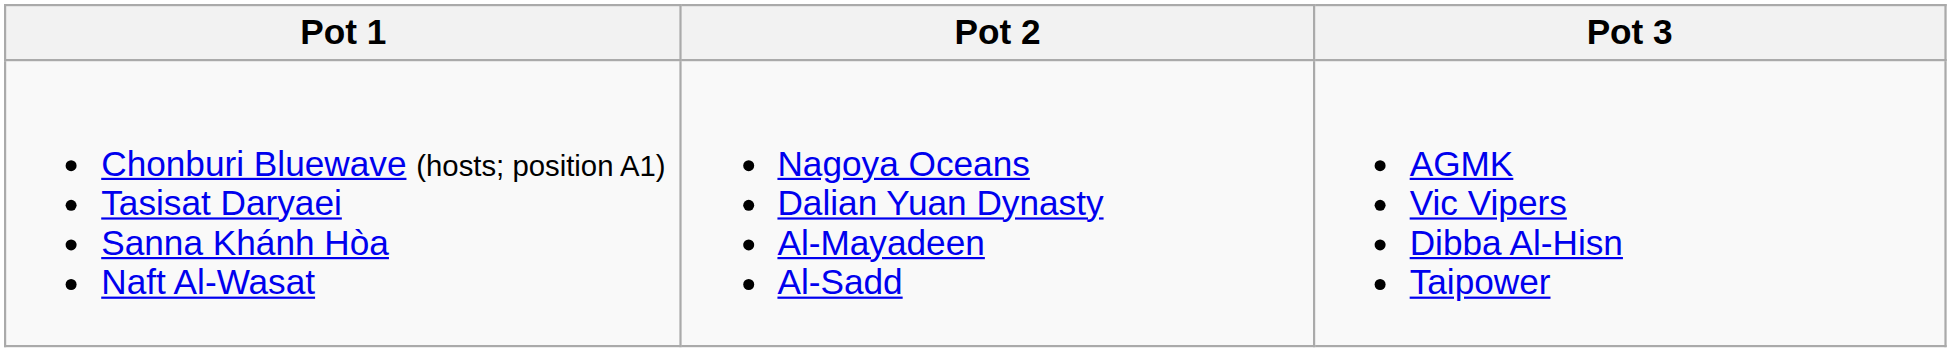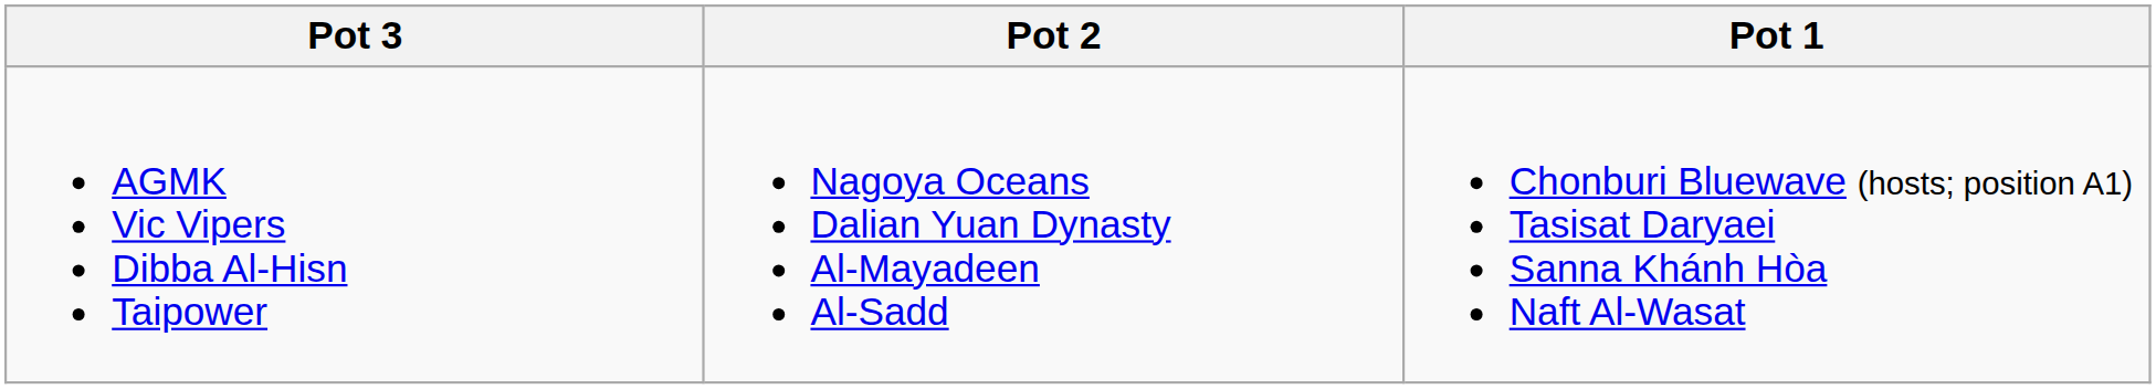 <table class="wikitable">
 <tr>
+<th width="280pt">Pot 3</th>
+<th width="280pt">Pot 2</th>
 <th width="300pt">Pot 1</th>
-<th width="280pt">Pot 2</th>
-<th width="280pt">Pot 3</th>
 </tr>
 <tr>
+<td><br><ul><li> <a href='#'>AGMK</a></li><li> <a href='#'>Vic Vipers</a></li><li> <a href='#'>Dibba Al-Hisn</a></li><li> <a href='#'>Taipower</a></li></ul></td>
+<td><br><ul><li> <a href='#'>Nagoya Oceans</a></li><li> <a href='#'>Dalian Yuan Dynasty</a></li><li> <a href='#'>Al-Mayadeen</a></li><li> <a href='#'>Al-Sadd</a></li></ul></td>
 <td valign=top><br><ul><li> <a href='#'>Chonburi Bluewave</a> <small>(hosts; position A1)</small></li><li> <a href='#'>Tasisat Daryaei</a></li><li> <a href='#'>Sanna Khánh Hòa</a></li><li> <a href='#'>Naft Al-Wasat</a></li></ul></td>
-<td><br><ul><li> <a href='#'>Nagoya Oceans</a></li><li> <a href='#'>Dalian Yuan Dynasty</a></li><li> <a href='#'>Al-Mayadeen</a></li><li> <a href='#'>Al-Sadd</a></li></ul></td>
-<td><br><ul><li> <a href='#'>AGMK</a></li><li> <a href='#'>Vic Vipers</a></li><li> <a href='#'>Dibba Al-Hisn</a></li><li> <a href='#'>Taipower</a></li></ul></td>
 </tr>
 </table>
